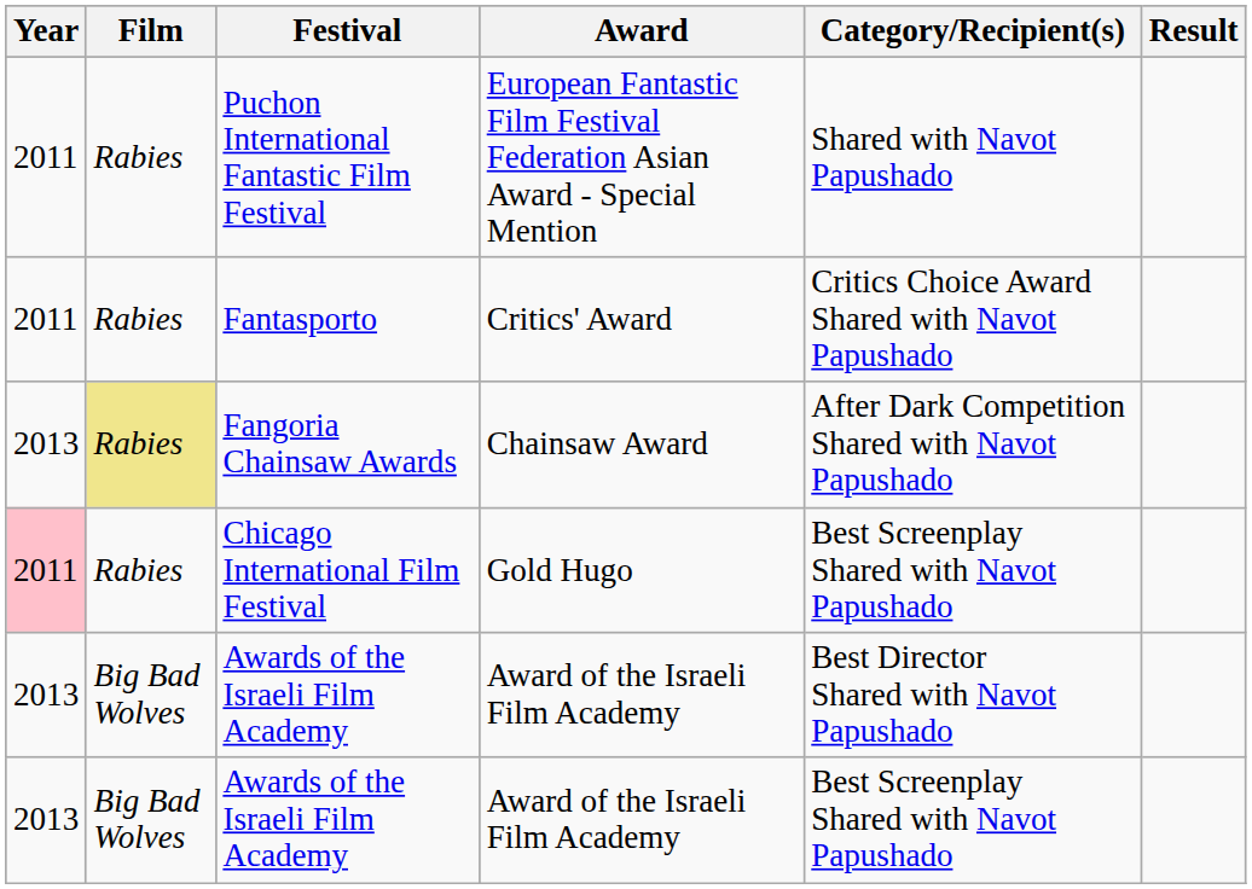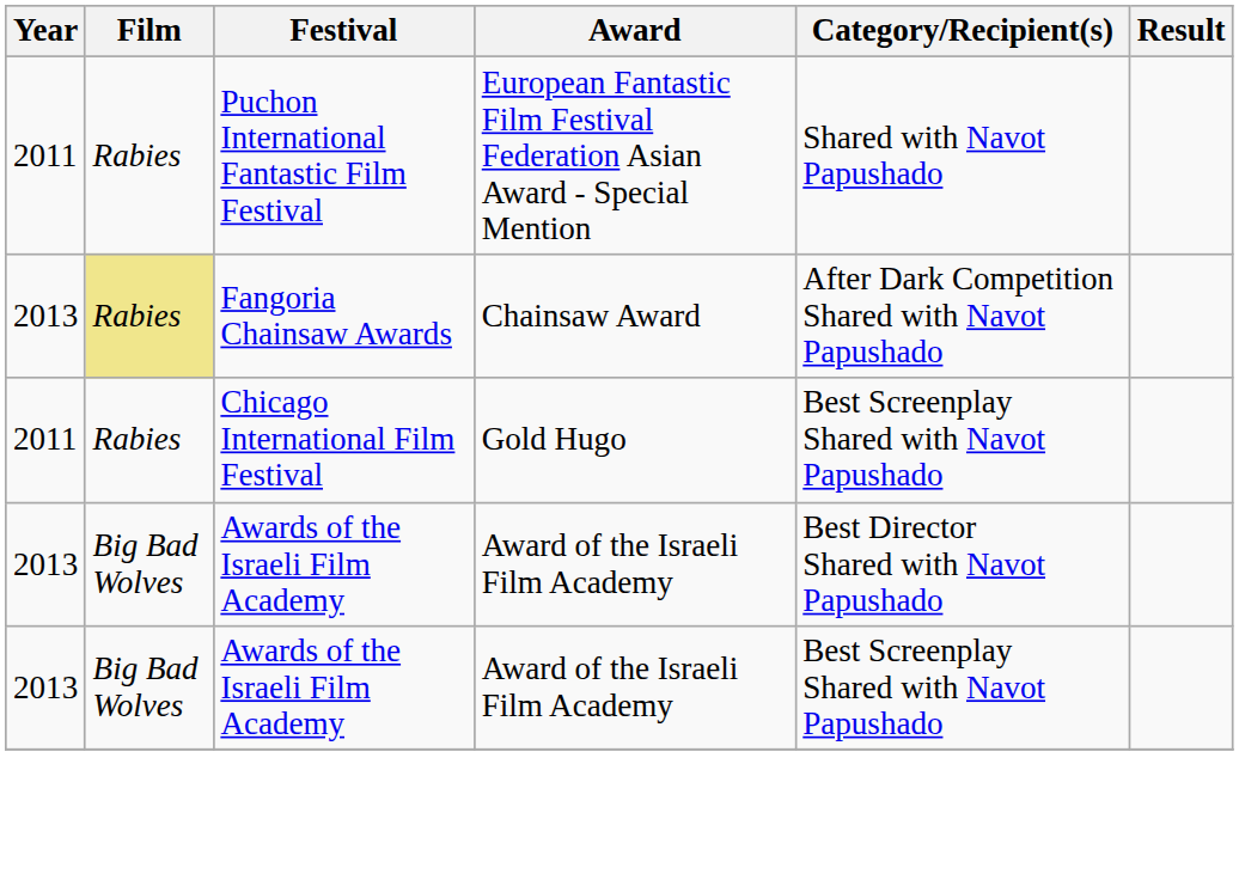 <table class="wikitable" style="width=:95%;">
 <tr>
 <th>Year</th>
 <th>Film</th>
 <th>Festival</th>
 <th>Award</th>
 <th>Category/Recipient(s)</th>
 <th>Result</th>
 </tr>
 <tr>
 <td>2011</td>
 <td><em>Rabies</em></td>
 <td><a href='#'>Puchon International Fantastic Film Festival</a></td>
 <td><a href='#'>European Fantastic Film Festival Federation</a> Asian Award - Special Mention</td>
 <td>Shared with <a href='#'>Navot Papushado</a></td>
 <td></td>
 </tr>
 <tr>
-<td>2011</td>
-<td><em>Rabies</em></td>
-<td><a href='#'>Fantasporto</a></td>
-<td>Critics' Award</td>
-<td>Critics Choice Award<br>Shared with <a href='#'>Navot Papushado</a></td>
-<td></td>
-</tr>
-<tr>
 <td>2013</td>
 <td style="background: khaki;"><em>Rabies</em></td>
 <td><a href='#'>Fangoria Chainsaw Awards</a></td>
 <td>Chainsaw Award</td>
 <td>After Dark Competition<br>Shared with <a href='#'>Navot Papushado</a></td>
 <td></td>
 </tr>
 <tr>
-<td style="background: pink;">2011</td>
+<td>2011</td>
 <td><em>Rabies</em></td>
 <td><a href='#'>Chicago International Film Festival</a></td>
 <td>Gold Hugo</td>
 <td>Best Screenplay<br>Shared with <a href='#'>Navot Papushado</a></td>
 <td></td>
 </tr>
 <tr>
 <td>2013</td>
 <td><em>Big Bad Wolves</em></td>
 <td><a href='#'>Awards of the Israeli Film Academy</a></td>
 <td>Award of the Israeli Film Academy</td>
 <td>Best Director<br>Shared with <a href='#'>Navot Papushado</a></td>
 <td></td>
 </tr>
 <tr>
 <td>2013</td>
 <td><em>Big Bad Wolves</em></td>
 <td><a href='#'>Awards of the Israeli Film Academy</a></td>
 <td>Award of the Israeli Film Academy</td>
 <td>Best Screenplay<br>Shared with <a href='#'>Navot Papushado</a></td>
 <td></td>
 </tr>
 <tr>
 </tr>
 </table>
